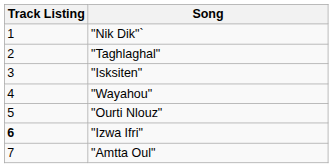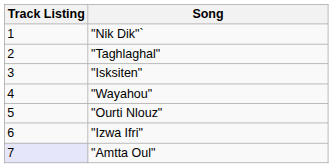 <table class="wikitable">
 <tr>
 <th width="100pt">Track Listing</th>
 <th width="300pt">Song</th>
 </tr>
 <tr>
 <td>1</td>
 <td>"Nik Dik"`</td>
 </tr>
 <tr>
 <td>2</td>
 <td>"Taghlaghal"</td>
 </tr>
 <tr>
 <td>3</td>
 <td>"Isksiten"</td>
 </tr>
 <tr>
 <td>4</td>
 <td>"Wayahou"</td>
 </tr>
 <tr>
 <td>5</td>
 <td>"Ourti Nlouz"</td>
 </tr>
 <tr>
-<td><strong>6</strong></td>
+<td>6</td>
 <td>"Izwa Ifri"</td>
 </tr>
 <tr>
-<td>7</td>
+<td style="background: lavender;">7</td>
 <td>"Amtta Oul"</td>
 </tr>
 </table>
